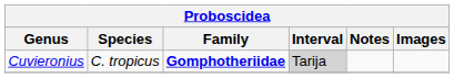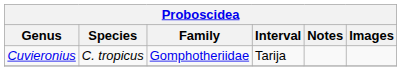 <table class="wikitable">
 <tr>
 <th colspan="6"><a href='#'>Proboscidea</a></th>
 </tr>
 <tr>
 <th>Genus</th>
 <th>Species</th>
 <th>Family</th>
 <th>Interval</th>
 <th>Notes</th>
 <th>Images</th>
 </tr>
 <tr>
 <td><em><a href='#'>Cuvieronius</a></em></td>
 <td><em>C. tropicus</em></td>
-<td><strong><a href='#'>Gomphotheriidae</a></strong></td>
-<td style="background: lightgrey;">Tarija </td>
+<td><a href='#'>Gomphotheriidae</a></td>
+<td>Tarija </td>
 <td></td>
 <td></td>
 </tr>
 <tr>
 </tr>
 </table>
